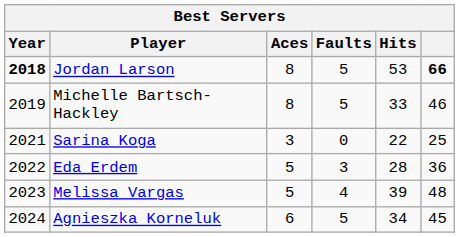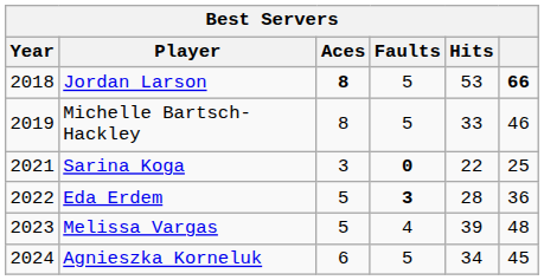 <table class="wikitable sortable" style=font-size:90%>
 <tr>
 <th colspan=7>Best Servers</th>
 </tr>
 <tr>
 <th width=20>Year</th>
 <th width=158>Player</th>
 <th width=20>Aces</th>
 <th width=20>Faults</th>
 <th width=20>Hits</th>
 <th width=20></th>
 </tr>
 <tr>
-<td><strong>2018</strong></td>
+<td>2018</td>
 <td> <a href='#'>Jordan Larson</a></td>
-<td align=center>8</td>
+<td align=center><strong>8</strong></td>
 <td align=center>5</td>
 <td align=center>53</td>
 <td align=center><strong>66</strong></td>
 </tr>
 <tr>
 <td>2019</td>
 <td> Michelle Bartsch-Hackley</td>
 <td align=center>8</td>
 <td align=center>5</td>
 <td align=center>33</td>
 <td align=center>46</td>
 </tr>
 <tr>
 <td>2021</td>
 <td> <a href='#'>Sarina Koga</a></td>
 <td align=center>3</td>
-<td align=center>0</td>
+<td align=center><strong>0</strong></td>
 <td align=center>22</td>
 <td align=center>25</td>
 </tr>
 <tr>
 <td>2022</td>
 <td> <a href='#'>Eda Erdem</a></td>
 <td align=center>5</td>
-<td align=center>3</td>
+<td align=center><strong>3</strong></td>
 <td align=center>28</td>
 <td align=center>36</td>
 </tr>
 <tr>
 <td>2023</td>
 <td> <a href='#'>Melissa Vargas</a></td>
 <td align=center>5</td>
 <td align=center>4</td>
 <td align=center>39</td>
 <td align=center>48</td>
 </tr>
 <tr>
 <td>2024</td>
 <td> <a href='#'>Agnieszka Korneluk</a></td>
 <td align=center>6</td>
 <td align=center>5</td>
 <td align=center>34</td>
 <td align=center>45</td>
 </tr>
 </table>
